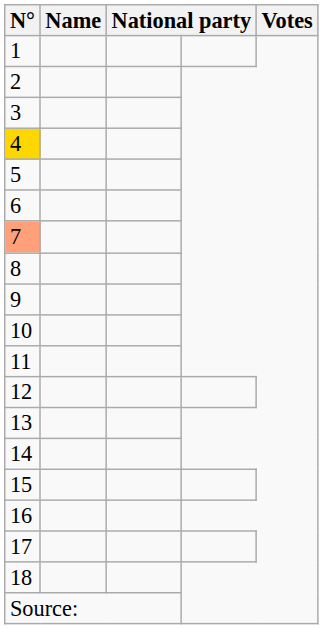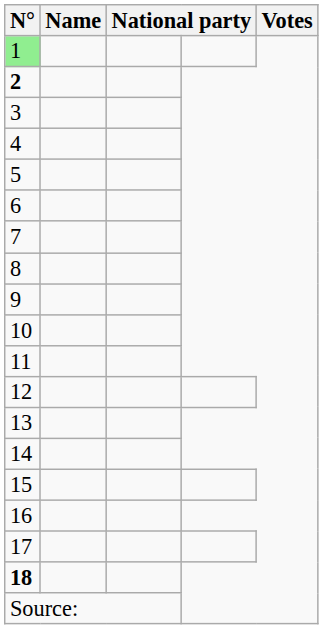 <table class="wikitable sortable" style="font-size:95%;line-height:14px;">
 <tr>
 <th>N°</th>
 <th>Name</th>
 <th colspan="2">National party</th>
 <th>Votes</th>
 </tr>
 <tr>
-<td>1</td>
+<td style="background: lightgreen;">1</td>
 <td></td>
 <td></td>
 <td></td>
 </tr>
 <tr>
-<td>2</td>
+<td><strong>2</strong></td>
 <td></td>
 <td></td>
 </tr>
 <tr>
 <td>3</td>
 <td></td>
 <td></td>
 </tr>
 <tr>
-<td style="background: gold;">4</td>
+<td>4</td>
 <td></td>
 <td></td>
 </tr>
 <tr>
 <td>5</td>
 <td></td>
 <td></td>
 </tr>
 <tr>
 <td>6</td>
 <td></td>
 <td></td>
 </tr>
 <tr>
-<td style="background: lightsalmon;">7</td>
+<td>7</td>
 <td></td>
 <td></td>
 </tr>
 <tr>
 <td>8</td>
 <td></td>
 <td></td>
 </tr>
 <tr>
 <td>9</td>
 <td></td>
 <td></td>
 </tr>
 <tr>
 <td>10</td>
 <td></td>
 <td></td>
 </tr>
 <tr>
 <td>11</td>
 <td></td>
 <td></td>
 </tr>
 <tr>
 <td>12</td>
 <td><em></em></td>
 <td></td>
 <td></td>
 </tr>
 <tr>
 <td>13</td>
 <td></td>
 <td></td>
 </tr>
 <tr>
 <td>14</td>
 <td></td>
 <td></td>
 </tr>
 <tr>
 <td>15</td>
 <td><em></em></td>
 <td></td>
 <td></td>
 </tr>
 <tr>
 <td>16</td>
 <td></td>
 <td></td>
 </tr>
 <tr>
 <td>17</td>
 <td></td>
 <td></td>
 <td></td>
 </tr>
 <tr>
-<td>18</td>
+<td><strong>18</strong></td>
 <td></td>
 <td></td>
 </tr>
 <tr>
 <td colspan="3">Source: </td>
 </tr>
 </table>
